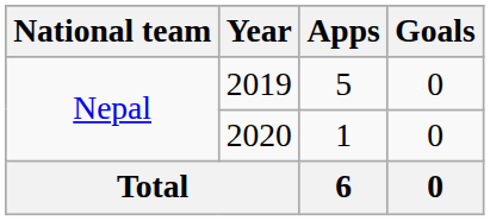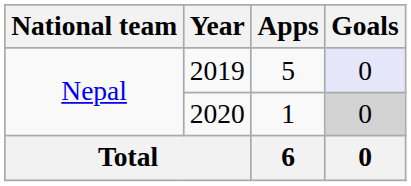 <table class="wikitable" style="text-align:center">
 <tr>
 <th>National team</th>
 <th>Year</th>
 <th>Apps</th>
 <th>Goals</th>
 </tr>
 <tr>
 <td rowspan="2"><a href='#'>Nepal</a></td>
 <td>2019</td>
 <td>5</td>
-<td>0</td>
+<td style="background: lavender;">0</td>
 </tr>
 <tr>
 <td>2020</td>
 <td>1</td>
-<td>0</td>
+<td style="background: lightgrey;">0</td>
 </tr>
 <tr>
 <th colspan=2>Total</th>
 <th>6</th>
 <th>0</th>
 </tr>
 </table>
